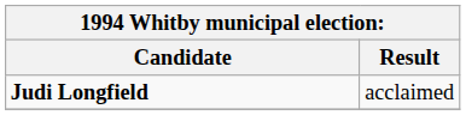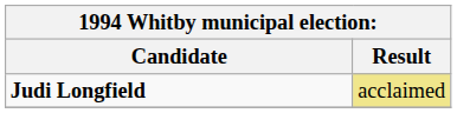 <table class="wikitable mw-collapsible">
 <tr>
 <th colspan="2">1994 Whitby municipal election:<br></th>
 </tr>
 <tr>
 <th width="250px">Candidate</th>
 <th>Result</th>
 </tr>
 <tr>
 <td style="text-align:left;"><strong>Judi Longfield</strong></td>
-<td style="text-align:center;">acclaimed</td>
+<td style="background: khaki; text-align:center;">acclaimed</td>
 </tr>
 <tr>
 </tr>
 </table>
